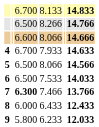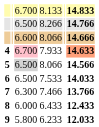 <table>
 <tr style="background:#fffcaf;">
 <th scope=row style="text-align:center"></th>
 <td style="text-align:left;"></td>
 <td>6.700</td>
 <td>8.133</td>
 <td></td>
 <td><strong>14.833</strong></td>
 </tr>
 <tr style="background:#e5e5e5;">
 <th scope=row style="text-align:center"></th>
 <td style="text-align:left;"></td>
 <td>6.500</td>
 <td>8.266</td>
 <td></td>
 <td><strong>14.766</strong></td>
 </tr>
 <tr style="background:#ec9;">
 <th scope=row style="text-align:center"></th>
 <td style="text-align:left;"></td>
 <td>6.600</td>
 <td>8.066</td>
 <td></td>
 <td><strong>14.666</strong></td>
 </tr>
 <tr>
 <th scope=row style="text-align:center">4</th>
 <td style="text-align:left;"></td>
-<td>6.700</td>
+<td style="background: pink;">6.700</td>
 <td>7.933</td>
 <td></td>
-<td><strong>14.633</strong></td>
+<td style="background: lightsalmon;"><strong>14.633</strong></td>
 </tr>
 <tr>
 <th scope=row style="text-align:center">5</th>
 <td style="text-align:left;"></td>
-<td>6.500</td>
+<td style="background: lightgrey;">6.500</td>
 <td>8.066</td>
 <td></td>
 <td><strong>14.566</strong></td>
 </tr>
 <tr>
 <th scope=row style="text-align:center">6</th>
 <td style="text-align:left;"></td>
 <td>6.500</td>
 <td>7.533</td>
 <td></td>
 <td><strong>14.033</strong></td>
 </tr>
 <tr>
 <th scope=row style="text-align:center">7</th>
 <td style="text-align:left;"></td>
-<td><strong>6.300</strong></td>
+<td>6.300</td>
 <td>7.466</td>
 <td></td>
 <td><strong>13.766</strong></td>
 </tr>
 <tr>
 <th scope=row style="text-align:center">8</th>
 <td style="text-align:left;"></td>
 <td>6.000</td>
 <td>6.433</td>
 <td></td>
 <td><strong>12.433</strong></td>
 </tr>
 <tr>
 <th scope=row style="text-align:center">9</th>
 <td style="text-align:left;"></td>
 <td>5.800</td>
 <td>6.233</td>
 <td></td>
 <td><strong>12.033</strong></td>
 </tr>
 </table>
